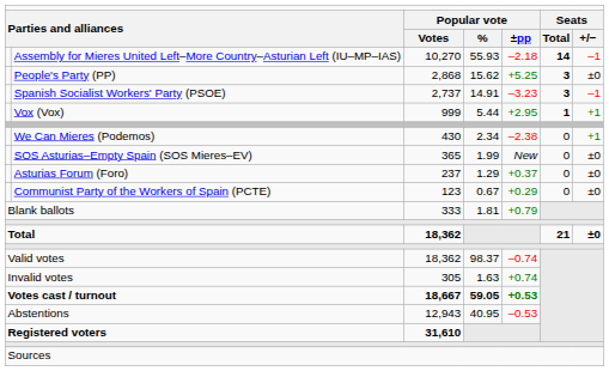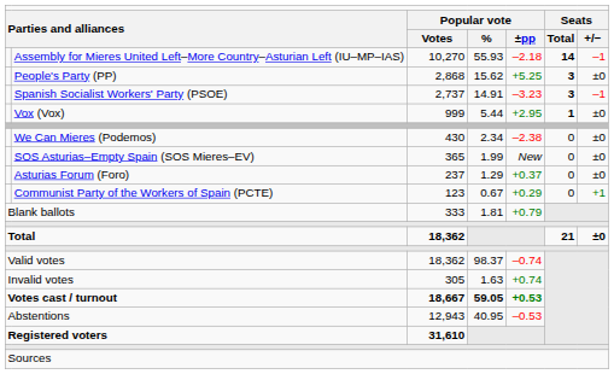 <table class="wikitable" style="text-align:right;">
 <tr>
 <td colspan="7"></td>
 </tr>
 <tr>
 <th style="text-align:left;" rowspan="2" colspan="2" width="525">Parties and alliances</th>
 <th colspan="3">Popular vote</th>
 <th colspan="2">Seats</th>
 </tr>
 <tr>
 <th width="75">Votes</th>
 <th width="45">%</th>
 <th width="45">±<a href='#'>pp</a></th>
 <th width="35">Total</th>
 <th width="35">+/−</th>
 </tr>
 <tr>
 <td width="1" style="color:inherit;background:"></td>
 <td align="left"><a href='#'>Assembly for Mieres United Left</a>–<a href='#'>More Country</a>–<a href='#'>Asturian Left</a> (IU–MP–IAS)</td>
 <td>10,270</td>
 <td>55.93</td>
 <td style="color:red;">–2.18</td>
 <td><strong>14</strong></td>
 <td style="color:red;">–1</td>
 </tr>
 <tr>
 <td style="color:inherit;background:"></td>
 <td align="left"><a href='#'>People's Party</a> (PP)</td>
 <td>2,868</td>
 <td>15.62</td>
 <td style="color:green;">+5.25</td>
 <td><strong>3</strong></td>
 <td>±0</td>
 </tr>
 <tr>
 <td style="color:inherit;background:"></td>
 <td align="left"><a href='#'>Spanish Socialist Workers' Party</a> (PSOE)</td>
 <td>2,737</td>
 <td>14.91</td>
 <td style="color:red;">–3.23</td>
 <td><strong>3</strong></td>
 <td style="color:red;">–1</td>
 </tr>
 <tr>
 <td style="color:inherit;background:"></td>
 <td align="left"><a href='#'>Vox</a> (Vox)</td>
 <td>999</td>
 <td>5.44</td>
 <td style="color:green;">+2.95</td>
 <td><strong>1</strong></td>
-<td style="color:green;">+1</td>
+<td>±0</td>
 </tr>
 <tr>
 <td colspan="7" bgcolor="#C0C0C0"></td>
 </tr>
 <tr>
 <td style="color:inherit;background:"></td>
 <td align="left"><a href='#'>We Can Mieres</a> (Podemos)</td>
 <td>430</td>
 <td>2.34</td>
 <td style="color:red;">–2.38</td>
 <td>0</td>
-<td style="color:green;">+1</td>
+<td>±0</td>
 </tr>
 <tr>
 <td style="color:inherit;background:"></td>
 <td align="left"><a href='#'>SOS Asturias–Empty Spain</a> (SOS Mieres–EV)</td>
 <td>365</td>
 <td>1.99</td>
 <td><em>New</em></td>
 <td>0</td>
 <td>±0</td>
 </tr>
 <tr>
 <td style="color:inherit;background:"></td>
 <td align="left"><a href='#'>Asturias Forum</a> (Foro)</td>
 <td>237</td>
 <td>1.29</td>
 <td style="color:green;">+0.37</td>
 <td>0</td>
 <td>±0</td>
 </tr>
 <tr>
 <td style="color:inherit;background:"></td>
 <td align="left"><a href='#'>Communist Party of the Workers of Spain</a> (PCTE)</td>
 <td>123</td>
 <td>0.67</td>
 <td style="color:green;">+0.29</td>
 <td>0</td>
-<td>±0</td>
+<td style="color:green;">+1</td>
 </tr>
 <tr>
 <td colspan="2" align="left">Blank ballots</td>
 <td>333</td>
 <td>1.81</td>
 <td style="color:green;">+0.79</td>
 <td colspan="2" bgcolor="#E9E9E9"></td>
 </tr>
 <tr>
 <td colspan="7" bgcolor="#E9E9E9"></td>
 </tr>
 <tr style="font-weight:bold;">
 <td align="left" colspan="2">Total</td>
 <td>18,362</td>
 <td colspan="2" bgcolor="#E9E9E9"></td>
 <td>21</td>
 <td>±0</td>
 </tr>
 <tr>
 <td colspan="7" bgcolor="#E9E9E9"></td>
 </tr>
 <tr>
 <td align="left" colspan="2">Valid votes</td>
 <td>18,362</td>
 <td>98.37</td>
 <td style="color:red;">–0.74</td>
 <td bgcolor="#E9E9E9" colspan="2" rowspan="5"></td>
 </tr>
 <tr>
 <td align="left" colspan="2">Invalid votes</td>
 <td>305</td>
 <td>1.63</td>
 <td style="color:green;">+0.74</td>
 </tr>
 <tr style="font-weight:bold;">
 <td align="left" colspan="2">Votes cast / turnout</td>
 <td>18,667</td>
 <td>59.05</td>
 <td style="color:green;">+0.53</td>
 </tr>
 <tr>
 <td align="left" colspan="2">Abstentions</td>
 <td>12,943</td>
 <td>40.95</td>
 <td style="color:red;">–0.53</td>
 </tr>
 <tr style="font-weight:bold;">
 <td align="left" colspan="2">Registered voters</td>
 <td>31,610</td>
 <td colspan="2" bgcolor="#E9E9E9"></td>
 </tr>
 <tr>
 <td colspan="7" bgcolor="#E9E9E9"></td>
 </tr>
 <tr>
 <td align="left" colspan="7">Sources</td>
 </tr>
 </table>
